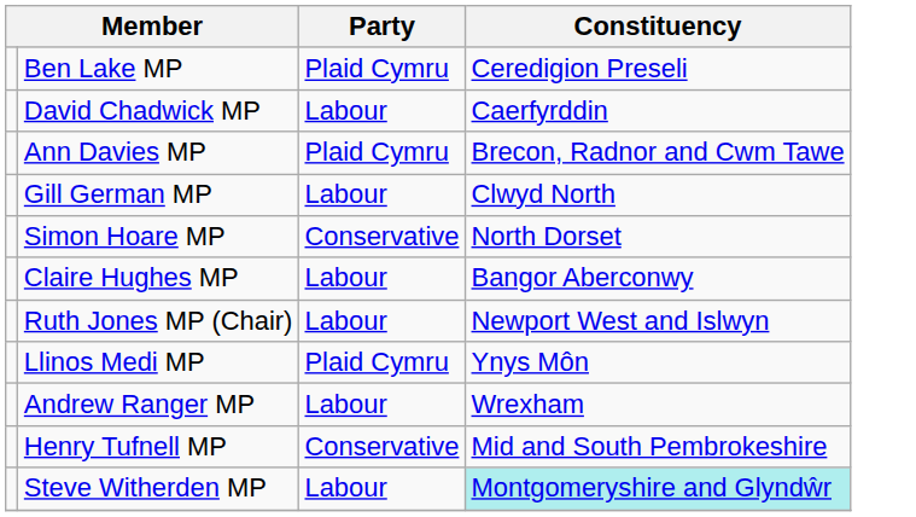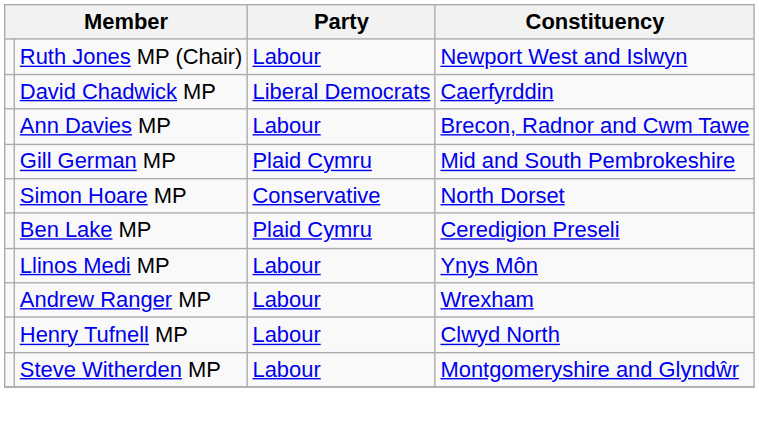 <table class="wikitable">
 <tr>
 <th colspan="2" valign="top">Member</th>
 <th valign="top">Party</th>
 <th valign="top">Constituency</th>
+</tr>
+<tr>
+<td style="color:inherit;background:"></td>
+<td><a href='#'>Ruth Jones</a> MP (Chair)</td>
+<td><a href='#'>Labour</a></td>
+<td><a href='#'>Newport West and Islwyn</a></td>
+</tr>
+<tr>
+<td style="color:inherit;background:"></td>
+<td><a href='#'>David Chadwick</a> MP</td>
+<td><a href='#'>Liberal Democrats</a></td>
+<td><a href='#'>Caerfyrddin</a></td>
+</tr>
+<tr>
+<td style="color:inherit;background:"></td>
+<td><a href='#'>Ann Davies</a> MP</td>
+<td><a href='#'>Labour</a></td>
+<td><a href='#'>Brecon, Radnor and Cwm Tawe</a></td>
+</tr>
+<tr>
+<td style="color:inherit;background:"></td>
+<td><a href='#'>Gill German</a> MP</td>
+<td><a href='#'>Plaid Cymru</a></td>
+<td><a href='#'>Mid and South Pembrokeshire</a></td>
+</tr>
+<tr>
+<td style="color:inherit;background:"></td>
+<td><a href='#'>Simon Hoare</a> MP</td>
+<td><a href='#'>Conservative</a></td>
+<td><a href='#'>North Dorset</a></td>
 </tr>
 <tr>
 <td style="color:inherit;background:"></td>
 <td><a href='#'>Ben Lake</a> MP</td>
 <td><a href='#'>Plaid Cymru</a></td>
 <td><a href='#'>Ceredigion Preseli</a></td>
 </tr>
 <tr>
 <td style="color:inherit;background:"></td>
-<td><a href='#'>David Chadwick</a> MP</td>
+<td><a href='#'>Llinos Medi</a> MP</td>
 <td><a href='#'>Labour</a></td>
-<td><a href='#'>Caerfyrddin</a></td>
-</tr>
-<tr>
-<td style="color:inherit;background:"></td>
-<td><a href='#'>Ann Davies</a> MP</td>
-<td><a href='#'>Plaid Cymru</a></td>
-<td><a href='#'>Brecon, Radnor and Cwm Tawe</a></td>
-</tr>
-<tr>
-<td style="color:inherit;background:"></td>
-<td><a href='#'>Gill German</a> MP</td>
-<td><a href='#'>Labour</a></td>
-<td><a href='#'>Clwyd North</a></td>
-</tr>
-<tr>
-<td style="color:inherit;background:"></td>
-<td><a href='#'>Simon Hoare</a> MP</td>
-<td><a href='#'>Conservative</a></td>
-<td><a href='#'>North Dorset</a></td>
-</tr>
-<tr>
-<td style="color:inherit;background:"></td>
-<td><a href='#'>Claire Hughes</a> MP</td>
-<td><a href='#'>Labour</a></td>
-<td><a href='#'>Bangor Aberconwy</a></td>
-</tr>
-<tr>
-<td style="color:inherit;background:"></td>
-<td><a href='#'>Ruth Jones</a> MP (Chair)</td>
-<td><a href='#'>Labour</a></td>
-<td><a href='#'>Newport West and Islwyn</a></td>
-</tr>
-<tr>
-<td style="color:inherit;background:"></td>
-<td><a href='#'>Llinos Medi</a> MP</td>
-<td><a href='#'>Plaid Cymru</a></td>
 <td><a href='#'>Ynys Môn</a></td>
 </tr>
 <tr>
 <td style="color:inherit;background:"></td>
 <td><a href='#'>Andrew Ranger</a> MP</td>
 <td><a href='#'>Labour</a></td>
 <td><a href='#'>Wrexham</a></td>
 </tr>
 <tr>
 <td style="color:inherit;background:"></td>
 <td><a href='#'>Henry Tufnell</a> MP</td>
-<td><a href='#'>Conservative</a></td>
-<td><a href='#'>Mid and South Pembrokeshire</a></td>
+<td><a href='#'>Labour</a></td>
+<td><a href='#'>Clwyd North</a></td>
 </tr>
 <tr>
 <td style="color:inherit;background:"></td>
 <td><a href='#'>Steve Witherden</a> MP</td>
 <td><a href='#'>Labour</a></td>
-<td style="background: paleturquoise;"><a href='#'>Montgomeryshire and Glyndŵr</a></td>
+<td><a href='#'>Montgomeryshire and Glyndŵr</a></td>
 </tr>
 <tr>
 </tr>
 </table>
